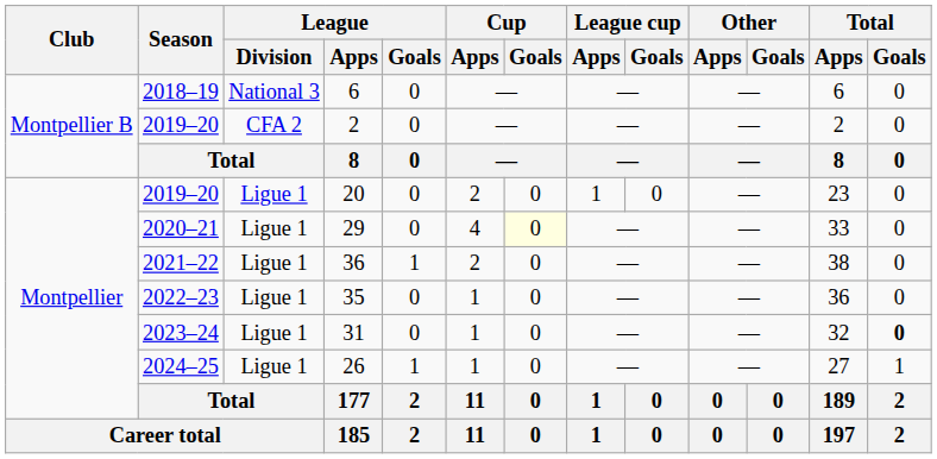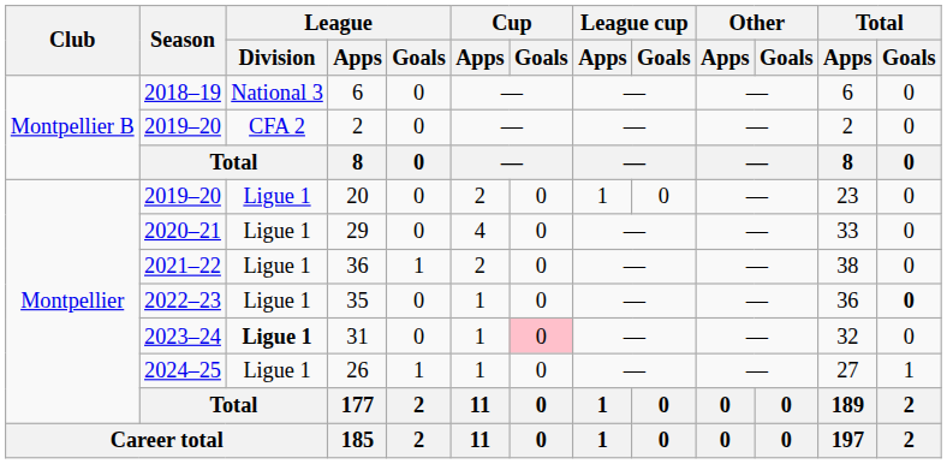 <table class="wikitable" style="text-align:center">
 <tr>
 <th rowspan="2">Club</th>
 <th rowspan="2">Season</th>
 <th colspan="3">League</th>
 <th colspan="2">Cup</th>
 <th colspan="2">League cup</th>
 <th colspan="2">Other</th>
 <th colspan="2">Total</th>
 </tr>
 <tr>
 <th>Division</th>
 <th>Apps</th>
 <th>Goals</th>
 <th>Apps</th>
 <th>Goals</th>
 <th>Apps</th>
 <th>Goals</th>
 <th>Apps</th>
 <th>Goals</th>
 <th>Apps</th>
 <th>Goals</th>
 </tr>
 <tr>
 <td rowspan="3"><a href='#'>Montpellier B</a></td>
 <td><a href='#'>2018–19</a></td>
 <td><a href='#'>National 3</a></td>
 <td>6</td>
 <td>0</td>
 <td colspan="2">—</td>
 <td colspan="2">—</td>
 <td colspan="2">—</td>
 <td>6</td>
 <td>0</td>
 </tr>
 <tr>
 <td><a href='#'>2019–20</a></td>
 <td><a href='#'>CFA 2</a></td>
 <td>2</td>
 <td>0</td>
 <td colspan="2">—</td>
 <td colspan="2">—</td>
 <td colspan="2">—</td>
 <td>2</td>
 <td>0</td>
 </tr>
 <tr>
 <th colspan="2">Total</th>
 <th>8</th>
 <th>0</th>
 <th colspan="2">—</th>
 <th colspan="2">—</th>
 <th colspan="2">—</th>
 <th>8</th>
 <th>0</th>
 </tr>
 <tr>
 <td rowspan="7"><a href='#'>Montpellier</a></td>
 <td><a href='#'>2019–20</a></td>
 <td><a href='#'>Ligue 1</a></td>
 <td>20</td>
 <td>0</td>
 <td>2</td>
 <td>0</td>
 <td>1</td>
 <td>0</td>
 <td colspan="2">—</td>
 <td>23</td>
 <td>0</td>
 </tr>
 <tr>
 <td><a href='#'>2020–21</a></td>
 <td>Ligue 1</td>
 <td>29</td>
 <td>0</td>
 <td>4</td>
-<td style="background: lightyellow;">0</td>
+<td>0</td>
 <td colspan="2">—</td>
 <td colspan="2">—</td>
 <td>33</td>
 <td>0</td>
 </tr>
 <tr>
 <td><a href='#'>2021–22</a></td>
 <td>Ligue 1</td>
 <td>36</td>
 <td>1</td>
 <td>2</td>
 <td>0</td>
 <td colspan="2">—</td>
 <td colspan="2">—</td>
 <td>38</td>
 <td>0</td>
 </tr>
 <tr>
 <td><a href='#'>2022–23</a></td>
 <td>Ligue 1</td>
 <td>35</td>
 <td>0</td>
 <td>1</td>
 <td>0</td>
 <td colspan="2">—</td>
 <td colspan="2">—</td>
 <td>36</td>
-<td>0</td>
+<td><strong>0</strong></td>
 </tr>
 <tr>
 <td><a href='#'>2023–24</a></td>
-<td>Ligue 1</td>
+<td><strong>Ligue 1</strong></td>
 <td>31</td>
 <td>0</td>
 <td>1</td>
-<td>0</td>
+<td style="background: pink;">0</td>
 <td colspan="2">—</td>
 <td colspan="2">—</td>
 <td>32</td>
-<td><strong>0</strong></td>
+<td>0</td>
 </tr>
 <tr>
 <td><a href='#'>2024–25</a></td>
 <td>Ligue 1</td>
 <td>26</td>
 <td>1</td>
 <td>1</td>
 <td>0</td>
 <td colspan="2">—</td>
 <td colspan="2">—</td>
 <td>27</td>
 <td>1</td>
 </tr>
 <tr>
 <th colspan="2">Total</th>
 <th>177</th>
 <th>2</th>
 <th>11</th>
 <th>0</th>
 <th>1</th>
 <th>0</th>
 <th>0</th>
 <th>0</th>
 <th>189</th>
 <th>2</th>
 </tr>
 <tr>
 <th colspan="3">Career total</th>
 <th>185</th>
 <th>2</th>
 <th>11</th>
 <th>0</th>
 <th>1</th>
 <th>0</th>
 <th>0</th>
 <th>0</th>
 <th>197</th>
 <th>2</th>
 </tr>
 </table>
